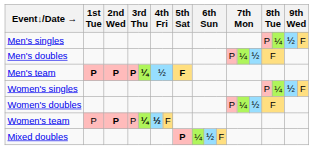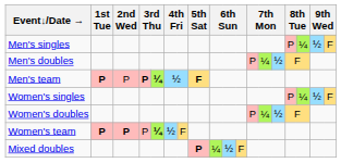 <table class="wikitable" style="margin:0.5em auto; font-size:90%; line-height:1.25em; text-align:center;">
 <tr>
 <th>Event↓/Date →</th>
 <th>1st<br>Tue</th>
 <th>2nd<br>Wed</th>
 <th colspan=2>3rd<br>Thu</th>
 <th colspan=2>4th<br>Fri</th>
 <th>5th<br>Sat</th>
 <th colspan=3>6th<br>Sun</th>
 <th colspan=3>7th<br>Mon</th>
 <th colspan=2>8th<br>Tue</th>
 <th colspan=2>9th<br>Wed</th>
 </tr>
 <tr>
 <td align="left"><a href='#'>Men's singles</a></td>
 <td></td>
 <td></td>
 <td colspan=2></td>
 <td colspan=2></td>
 <td></td>
 <td colspan=3></td>
 <td colspan=3></td>
 <td bgcolor="#FFBBBB">P</td>
 <td bgcolor="#AFF55B">¼</td>
 <td bgcolor="#97DEFF">½</td>
 <td bgcolor="#FFDF80">F</td>
 </tr>
 <tr>
 <td align="left"><a href='#'>Men's doubles</a></td>
 <td></td>
 <td></td>
 <td colspan=2></td>
 <td colspan=2></td>
 <td></td>
 <td colspan=3></td>
 <td bgcolor="#FFBBBB">P</td>
 <td bgcolor="#AFF55B">¼</td>
 <td bgcolor="#97DEFF">½</td>
 <td colspan=2 bgcolor="#FFDF80">F</td>
 <td colspan=2></td>
 </tr>
 <tr>
 <td align="left"><a href='#'>Men's team</a></td>
 <td bgcolor="#FFBBBB"><strong>P</strong></td>
-<td bgcolor="#FFBBBB"><strong>P</strong></td>
+<td bgcolor="#FFBBBB">P</td>
 <td bgcolor="#FFBBBB"><strong>P</strong></td>
 <td bgcolor="#AFF55B"><strong>¼</strong></td>
 <td colspan=2 bgcolor="#97DEFF">½</td>
 <td bgcolor="#FFDF80"><strong>F</strong></td>
 <td colspan=3></td>
 <td colspan=3></td>
 <td colspan=2></td>
 <td colspan=2></td>
 </tr>
 <tr>
 <td align="left"><a href='#'>Women's singles</a></td>
 <td></td>
 <td></td>
 <td colspan=2></td>
 <td colspan=2></td>
 <td></td>
 <td colspan=3></td>
 <td colspan=3></td>
 <td bgcolor="#FFBBBB">P</td>
 <td bgcolor="#AFF55B">¼</td>
 <td bgcolor="#97DEFF">½</td>
 <td bgcolor="#FFDF80">F</td>
 </tr>
 <tr>
 <td align="left"><a href='#'>Women's doubles</a></td>
 <td></td>
 <td></td>
 <td colspan=2></td>
 <td colspan=2></td>
 <td></td>
 <td colspan=3></td>
 <td bgcolor="#FFBBBB">P</td>
 <td bgcolor="#AFF55B">¼</td>
 <td bgcolor="#97DEFF">½</td>
 <td colspan=2 bgcolor="#FFDF80">F</td>
 <td colspan=2></td>
 </tr>
 <tr>
 <td align="left"><a href='#'>Women's team</a></td>
-<td bgcolor="#FFBBBB">P</td>
+<td bgcolor="#FFBBBB"><strong>P</strong></td>
 <td bgcolor="#FFBBBB"><strong>P</strong></td>
 <td bgcolor="#FFBBBB">P</td>
 <td bgcolor="#AFF55B"><strong>¼</strong></td>
-<td bgcolor="#97DEFF"><strong>½</strong></td>
+<td bgcolor="#97DEFF">½</td>
 <td bgcolor="#FFDF80">F</td>
 <td></td>
 <td colspan=3></td>
 <td colspan=3></td>
 <td colspan=2></td>
 <td colspan=2></td>
 </tr>
 <tr>
 <td align="left"><a href='#'>Mixed doubles</a></td>
 <td></td>
 <td></td>
 <td colspan=2></td>
 <td colspan=2></td>
 <td bgcolor="#FFBBBB"><strong>P</strong></td>
 <td bgcolor="#AFF55B">¼</td>
 <td bgcolor="#97DEFF">½</td>
 <td bgcolor="#FFDF80">F</td>
 <td colspan=3></td>
 <td colspan=2></td>
 <td colspan=2></td>
 </tr>
 </table>
